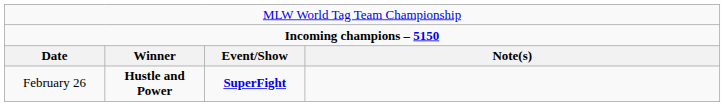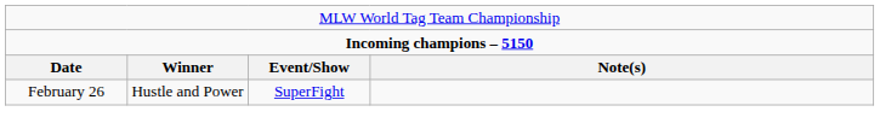 <table class="wikitable" style="text-align:center; width:100%;">
 <tr>
 <td colspan="4" style="text-align: center;"><a href='#'>MLW World Tag Team Championship</a></td>
 </tr>
 <tr>
 <td colspan="4" style="text-align: center;"><strong>Incoming champions – <a href='#'>5150</a> </strong></td>
 </tr>
 <tr>
 <th width=14%>Date</th>
 <th width=14%>Winner</th>
 <th width=14%>Event/Show</th>
 <th width=58%>Note(s)</th>
 </tr>
 <tr>
 <td>February 26</td>
-<td><strong>Hustle and Power<br></strong></td>
-<td><strong><a href='#'>SuperFight</a></strong></td>
+<td>Hustle and Power<br></td>
+<td><a href='#'>SuperFight</a></td>
 <td></td>
 </tr>
 </table>
